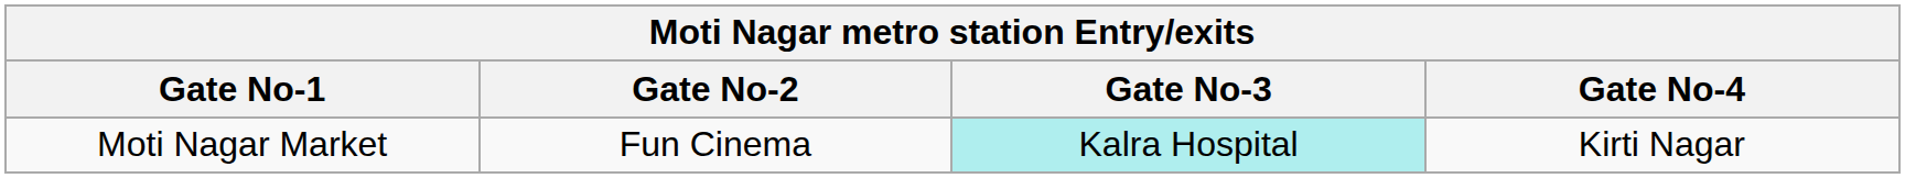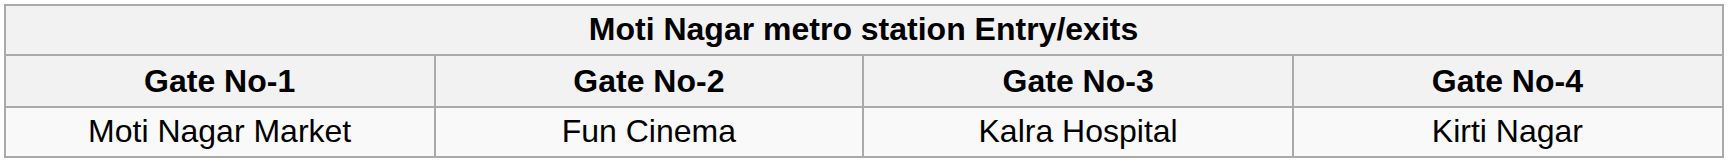 <table class="wikitable" style="text-align: center;" width="68%">
 <tr>
 <th align="center" colspan="5" style="background:#"><span>Moti Nagar metro station Entry/exits</span></th>
 </tr>
 <tr>
 <th style="width:15%;">Gate No-1</th>
 <th style="width:15%;">Gate No-2</th>
 <th style="width:15%;">Gate No-3</th>
 <th style="width:15%;">Gate No-4</th>
 </tr>
 <tr>
 <td>Moti Nagar Market</td>
 <td>Fun Cinema</td>
-<td style="background: paleturquoise;">Kalra Hospital</td>
+<td>Kalra Hospital</td>
 <td>Kirti Nagar</td>
 </tr>
 </table>
